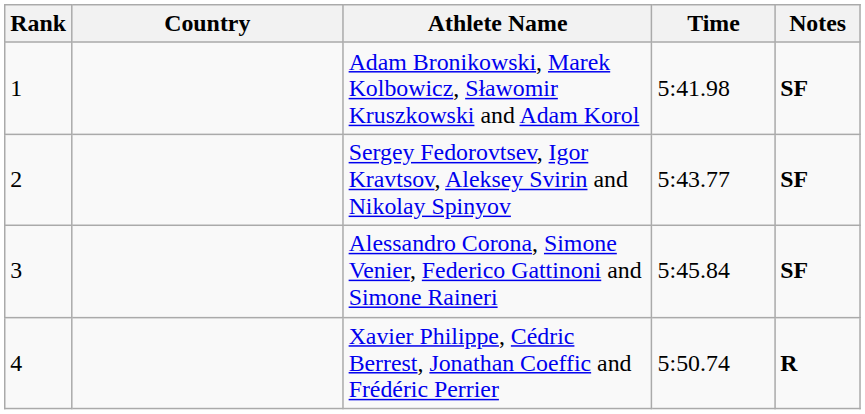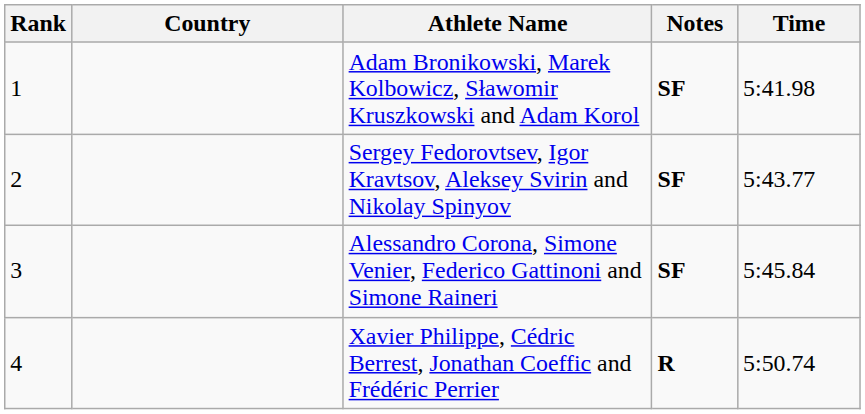 <table class="wikitable sortable">
 <tr>
 <th width=25>Rank</th>
 <th width=175>Country</th>
 <th width=200>Athlete Name</th>
+<th width=50>Notes</th>
 <th width=75>Time</th>
-<th width=50>Notes</th>
 </tr>
 <tr>
 <td>1</td>
 <td></td>
 <td><a href='#'>Adam Bronikowski</a>, <a href='#'>Marek Kolbowicz</a>, <a href='#'>Sławomir Kruszkowski</a> and <a href='#'>Adam Korol</a></td>
+<td><strong>SF</strong></td>
 <td>5:41.98</td>
-<td><strong>SF</strong></td>
 </tr>
 <tr>
 <td>2</td>
 <td></td>
 <td><a href='#'>Sergey Fedorovtsev</a>, <a href='#'>Igor Kravtsov</a>, <a href='#'>Aleksey Svirin</a> and <a href='#'>Nikolay Spinyov</a></td>
+<td><strong>SF</strong></td>
 <td>5:43.77</td>
-<td><strong>SF</strong></td>
 </tr>
 <tr>
 <td>3</td>
 <td></td>
 <td><a href='#'>Alessandro Corona</a>, <a href='#'>Simone Venier</a>, <a href='#'>Federico Gattinoni</a> and <a href='#'>Simone Raineri</a></td>
+<td><strong>SF</strong></td>
 <td>5:45.84</td>
-<td><strong>SF</strong></td>
 </tr>
 <tr>
 <td>4</td>
 <td></td>
 <td><a href='#'>Xavier Philippe</a>, <a href='#'>Cédric Berrest</a>, <a href='#'>Jonathan Coeffic</a> and <a href='#'>Frédéric Perrier</a></td>
+<td><strong>R</strong></td>
 <td>5:50.74</td>
-<td><strong>R</strong></td>
 </tr>
 </table>
